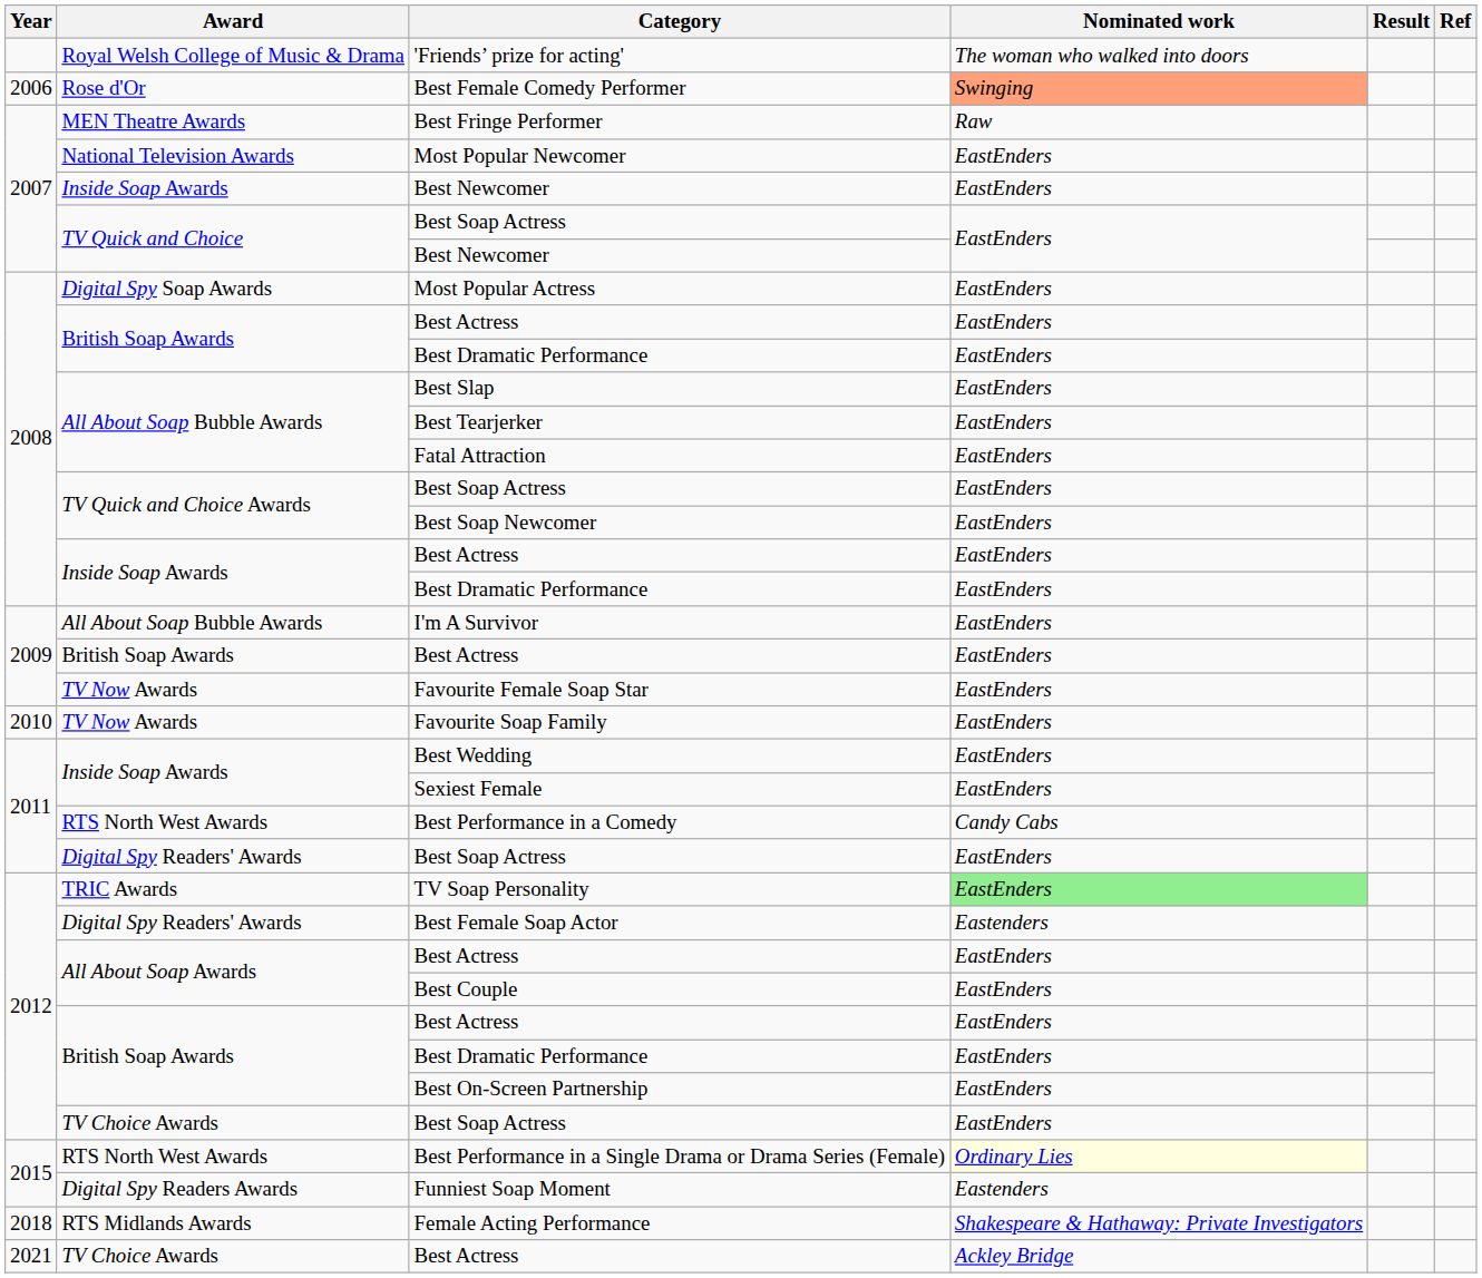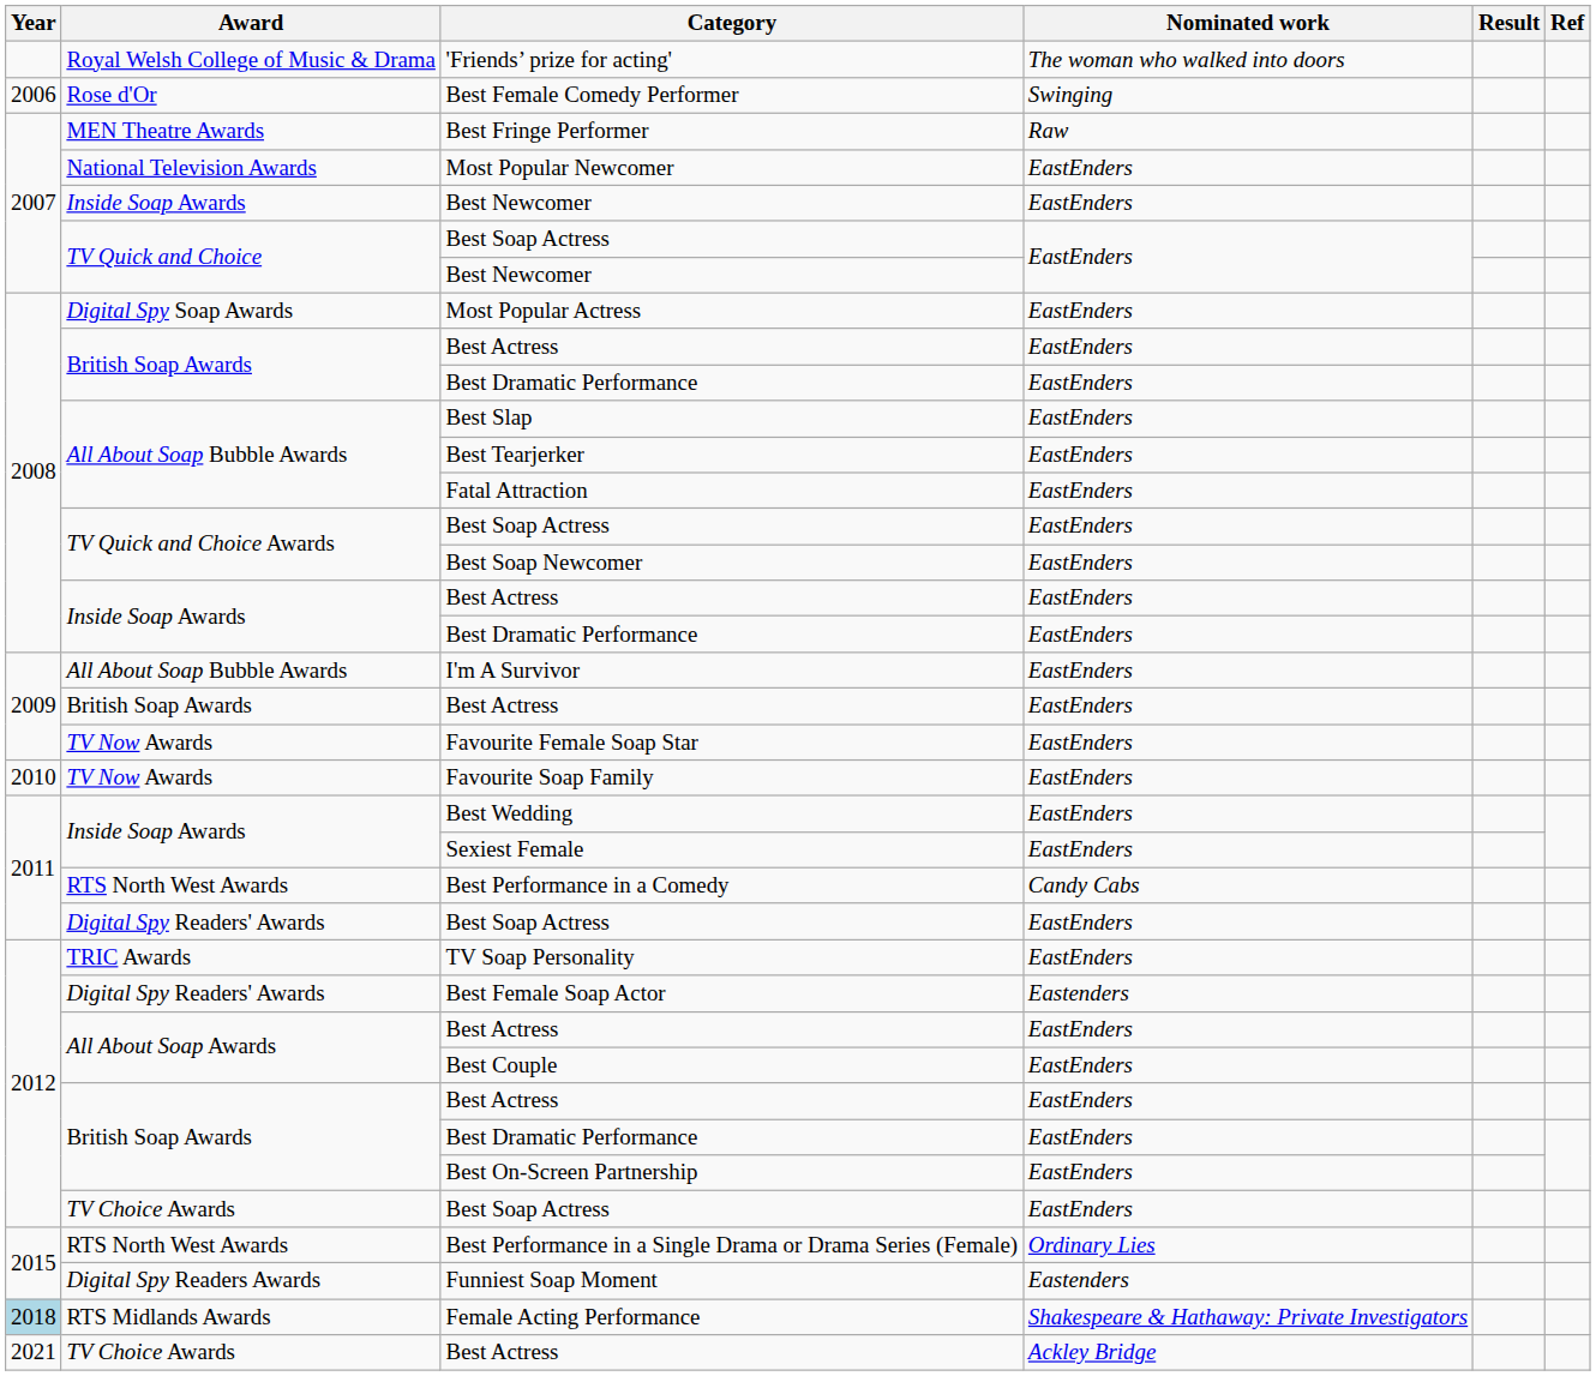 <table class="wikitable">
 <tr>
 <th>Year</th>
 <th>Award</th>
 <th>Category</th>
 <th>Nominated work</th>
 <th>Result</th>
 <th>Ref</th>
 </tr>
 <tr>
 <td></td>
 <td><a href='#'>Royal Welsh College of Music & Drama</a></td>
 <td>'Friends’ prize for acting'</td>
 <td><em>The woman who walked into doors</em></td>
 <td></td>
 <td></td>
 </tr>
 <tr>
 <td>2006</td>
 <td><a href='#'>Rose d'Or</a></td>
 <td>Best Female Comedy Performer</td>
-<td style="background: lightsalmon;"><em>Swinging</em></td>
+<td><em>Swinging</em></td>
 <td></td>
 <td></td>
 </tr>
 <tr>
 <td rowspan="5">2007</td>
 <td><a href='#'>MEN Theatre Awards</a></td>
 <td>Best Fringe Performer</td>
 <td><em>Raw</em></td>
 <td></td>
 <td></td>
 </tr>
 <tr>
 <td><a href='#'>National Television Awards</a></td>
 <td>Most Popular Newcomer</td>
 <td><em>EastEnders</em></td>
 <td></td>
 <td></td>
 </tr>
 <tr>
 <td><a href='#'><em>Inside Soap</em> Awards</a></td>
 <td>Best Newcomer</td>
 <td><em>EastEnders</em></td>
 <td></td>
 <td></td>
 </tr>
 <tr>
 <td rowspan = "2"><em><a href='#'>TV Quick and Choice</a></em></td>
 <td>Best Soap Actress</td>
 <td rowspan = "2"><em>EastEnders</em></td>
 <td></td>
 <td></td>
 </tr>
 <tr>
 <td>Best Newcomer</td>
 <td></td>
 <td></td>
 </tr>
 <tr>
 <td rowspan="10">2008</td>
 <td><em><a href='#'>Digital Spy</a></em> Soap Awards</td>
 <td>Most Popular Actress</td>
 <td><em>EastEnders</em></td>
 <td></td>
 <td></td>
 </tr>
 <tr>
 <td rowspan="2"><a href='#'>British Soap Awards</a></td>
 <td>Best Actress</td>
 <td><em>EastEnders</em></td>
 <td></td>
 <td></td>
 </tr>
 <tr>
 <td>Best Dramatic Performance</td>
 <td><em>EastEnders</em></td>
 <td></td>
 <td></td>
 </tr>
 <tr>
 <td rowspan="3"><em><a href='#'>All About Soap</a></em> Bubble Awards</td>
 <td>Best Slap </td>
 <td><em>EastEnders</em></td>
 <td></td>
 <td></td>
 </tr>
 <tr>
 <td>Best Tearjerker</td>
 <td><em>EastEnders</em></td>
 <td></td>
 <td></td>
 </tr>
 <tr>
 <td>Fatal Attraction </td>
 <td><em>EastEnders</em></td>
 <td></td>
 <td></td>
 </tr>
 <tr>
 <td rowspan="2"><em>TV Quick and Choice</em> Awards</td>
 <td>Best Soap Actress</td>
 <td><em>EastEnders</em></td>
 <td></td>
 <td></td>
 </tr>
 <tr>
 <td>Best Soap Newcomer</td>
 <td><em>EastEnders</em></td>
 <td></td>
 <td></td>
 </tr>
 <tr>
 <td rowspan="2"><em>Inside Soap</em> Awards</td>
 <td>Best Actress</td>
 <td><em>EastEnders</em></td>
 <td></td>
 <td></td>
 </tr>
 <tr>
 <td>Best Dramatic Performance</td>
 <td><em>EastEnders</em></td>
 <td></td>
 <td></td>
 </tr>
 <tr>
 <td rowspan="3">2009</td>
 <td><em>All About Soap</em> Bubble Awards</td>
 <td>I'm A Survivor</td>
 <td><em>EastEnders</em></td>
 <td></td>
 <td></td>
 </tr>
 <tr>
 <td>British Soap Awards</td>
 <td>Best Actress</td>
 <td><em>EastEnders</em></td>
 <td></td>
 <td></td>
 </tr>
 <tr>
 <td><em><a href='#'>TV Now</a></em> Awards</td>
 <td>Favourite Female Soap Star</td>
 <td><em>EastEnders</em></td>
 <td></td>
 <td></td>
 </tr>
 <tr>
 <td>2010</td>
 <td><em><a href='#'>TV Now</a></em> Awards</td>
 <td>Favourite Soap Family</td>
 <td><em>EastEnders</em></td>
 <td></td>
 <td></td>
 </tr>
 <tr>
 <td rowspan="4">2011</td>
 <td rowspan="2"><em>Inside Soap</em> Awards</td>
 <td>Best Wedding</td>
 <td><em>EastEnders</em></td>
 <td></td>
 <td rowspan = "2"></td>
 </tr>
 <tr>
 <td>Sexiest Female</td>
 <td><em>EastEnders</em></td>
 <td></td>
 </tr>
 <tr>
 <td><a href='#'>RTS</a> North West Awards</td>
 <td>Best Performance in a Comedy</td>
 <td><em>Candy Cabs</em></td>
 <td></td>
 <td></td>
 </tr>
 <tr>
 <td><em><a href='#'>Digital Spy</a></em> Readers' Awards</td>
 <td>Best Soap Actress</td>
 <td><em>EastEnders</em></td>
 <td></td>
 <td></td>
 </tr>
 <tr>
 <td rowspan="8">2012</td>
 <td><a href='#'>TRIC</a> Awards</td>
 <td>TV Soap Personality</td>
-<td style="background: lightgreen;"><em>EastEnders</em></td>
+<td><em>EastEnders</em></td>
 <td></td>
 <td></td>
 </tr>
 <tr>
 <td><em>Digital Spy</em> Readers' Awards</td>
 <td>Best Female Soap Actor</td>
 <td><em>Eastenders</em></td>
 <td></td>
 <td></td>
 </tr>
 <tr>
 <td rowspan="2"><em>All About Soap</em> Awards</td>
 <td>Best Actress</td>
 <td><em>EastEnders</em></td>
 <td></td>
 <td></td>
 </tr>
 <tr>
 <td>Best Couple </td>
 <td><em>EastEnders</em></td>
 <td></td>
 </tr>
 <tr>
 <td rowspan="3">British Soap Awards</td>
 <td>Best Actress</td>
 <td><em>EastEnders</em></td>
 <td></td>
 <td></td>
 </tr>
 <tr>
 <td>Best Dramatic Performance</td>
 <td><em>EastEnders</em></td>
 <td></td>
 </tr>
 <tr>
 <td>Best On-Screen Partnership </td>
 <td><em>EastEnders</em></td>
 <td></td>
 </tr>
 <tr>
 <td><em>TV Choice</em> Awards</td>
 <td>Best Soap Actress</td>
 <td><em>EastEnders</em></td>
 <td></td>
 <td></td>
 </tr>
 <tr>
 <td rowspan = "2">2015</td>
 <td>RTS North West Awards</td>
 <td>Best Performance in a Single Drama or Drama Series (Female)</td>
-<td style="background: lightyellow;"><em><a href='#'>Ordinary Lies</a></em></td>
+<td><em><a href='#'>Ordinary Lies</a></em></td>
 <td></td>
 <td></td>
 </tr>
 <tr>
 <td><em>Digital Spy</em> Readers Awards</td>
 <td>Funniest Soap Moment</td>
 <td><em>Eastenders</em></td>
 <td></td>
 <td></td>
 </tr>
 <tr>
-<td>2018</td>
+<td style="background: lightblue;">2018</td>
 <td>RTS Midlands Awards</td>
 <td>Female Acting Performance</td>
 <td><em><a href='#'>Shakespeare & Hathaway: Private Investigators</a></em></td>
 <td></td>
 <td></td>
 </tr>
 <tr>
 <td>2021</td>
 <td><em>TV Choice</em> Awards</td>
 <td>Best Actress</td>
 <td><em><a href='#'>Ackley Bridge</a></em></td>
 <td></td>
 <td></td>
 </tr>
 </table>
